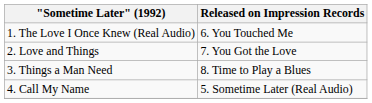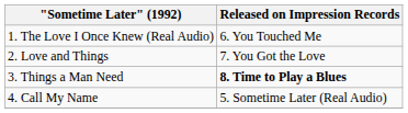 <table class="wikitable" border="1">
 <tr>
 <th>"Sometime Later" (1992)</th>
 <th>Released on Impression Records</th>
 </tr>
 <tr>
 <td>1. The Love I Once Knew (Real Audio)</td>
 <td>6. You Touched Me</td>
 </tr>
 <tr>
 <td>2. Love and Things</td>
 <td>7. You Got the Love</td>
 </tr>
 <tr>
 <td>3. Things a Man Need</td>
-<td>8. Time to Play a Blues</td>
+<td><strong>8. Time to Play a Blues</strong></td>
 </tr>
 <tr>
 <td>4. Call My Name</td>
 <td>5. Sometime Later (Real Audio)</td>
 </tr>
 <tr>
 </tr>
 </table>
